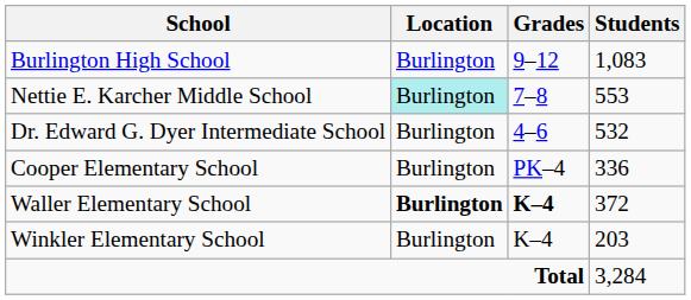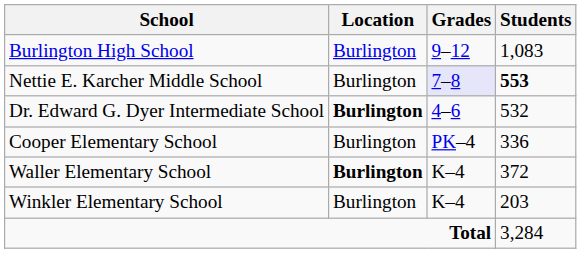 <table class="wikitable">
 <tr>
 <th>School</th>
 <th>Location</th>
 <th>Grades</th>
 <th>Students</th>
 </tr>
 <tr>
 <td><a href='#'>Burlington High School</a></td>
 <td><a href='#'>Burlington</a></td>
 <td><a href='#'>9</a>–<a href='#'>12</a></td>
 <td>1,083</td>
 </tr>
 <tr>
 <td>Nettie E. Karcher Middle School</td>
-<td style="background: paleturquoise;">Burlington</td>
-<td><a href='#'>7</a>–<a href='#'>8</a></td>
-<td>553</td>
+<td>Burlington</td>
+<td style="background: lavender;"><a href='#'>7</a>–<a href='#'>8</a></td>
+<td><strong>553</strong></td>
 </tr>
 <tr>
 <td>Dr. Edward G. Dyer Intermediate School</td>
-<td>Burlington</td>
+<td><strong>Burlington</strong></td>
 <td><a href='#'>4</a>–<a href='#'>6</a></td>
 <td>532</td>
 </tr>
 <tr>
 <td>Cooper Elementary School</td>
 <td>Burlington</td>
 <td><a href='#'>PK</a>–4</td>
 <td>336</td>
 </tr>
 <tr>
 <td>Waller Elementary School</td>
 <td><strong>Burlington</strong></td>
-<td><strong>K–4</strong></td>
+<td>K–4</td>
 <td>372</td>
 </tr>
 <tr>
 <td>Winkler Elementary School</td>
 <td>Burlington</td>
 <td>K–4</td>
 <td>203</td>
 </tr>
 <tr>
 <td colspan="3" style="text-align:right;"><strong>Total</strong></td>
 <td>3,284</td>
 </tr>
 </table>
